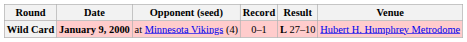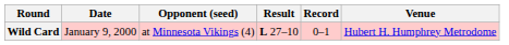 <table class="wikitable" style="text-align:center">
 <tr>
 <th>Round</th>
 <th>Date</th>
 <th>Opponent (seed)</th>
+<th>Result</th>
 <th>Record</th>
-<th>Result</th>
 <th>Venue</th>
 </tr>
 <tr style="background:#fcc">
 <th>Wild Card</th>
-<td><strong>January 9, 2000</strong></td>
+<td>January 9, 2000</td>
 <td>at <a href='#'>Minnesota Vikings</a> (4)</td>
+<td><strong>L</strong> 27–10</td>
 <td>0–1</td>
-<td><strong>L</strong> 27–10</td>
 <td><a href='#'>Hubert H. Humphrey Metrodome</a></td>
 </tr>
 </table>
